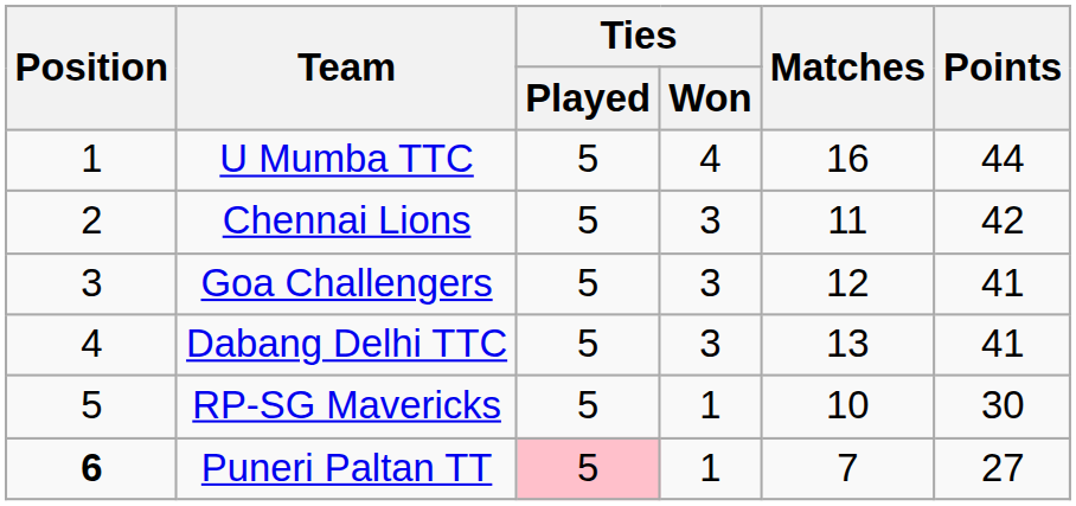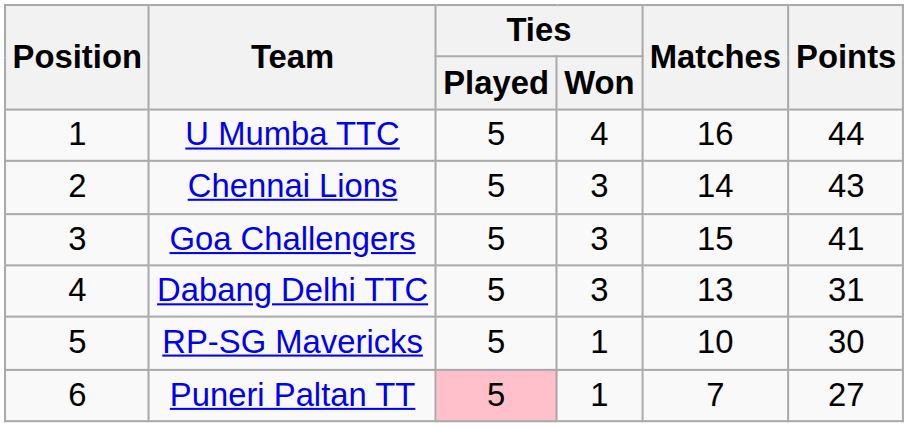 <table class="wikitable sortable" style="text-align:center;">
 <tr>
 <th rowspan=2>Position</th>
 <th rowspan=2>Team</th>
 <th colspan=2>Ties</th>
 <th rowspan=2>Matches</th>
 <th rowspan=2>Points</th>
 </tr>
 <tr>
 <th>Played</th>
 <th>Won</th>
 </tr>
 <tr>
 <td>1</td>
 <td><a href='#'>U Mumba TTC</a></td>
 <td>5</td>
 <td>4</td>
 <td>16</td>
 <td>44</td>
 </tr>
 <tr>
 <td>2</td>
 <td><a href='#'>Chennai Lions</a></td>
 <td>5</td>
 <td>3</td>
-<td>11</td>
-<td>42</td>
+<td>14</td>
+<td>43</td>
 </tr>
 <tr>
 <td>3</td>
 <td><a href='#'>Goa Challengers</a></td>
 <td>5</td>
 <td>3</td>
-<td>12</td>
+<td>15</td>
 <td>41</td>
 </tr>
 <tr>
 <td>4</td>
 <td><a href='#'>Dabang Delhi TTC</a></td>
 <td>5</td>
 <td>3</td>
 <td>13</td>
-<td>41</td>
+<td>31</td>
 </tr>
 <tr>
 <td>5</td>
 <td><a href='#'>RP-SG Mavericks</a></td>
 <td>5</td>
 <td>1</td>
 <td>10</td>
 <td>30</td>
 </tr>
 <tr>
-<td><strong>6</strong></td>
+<td>6</td>
 <td><a href='#'>Puneri Paltan TT</a></td>
 <td style="background: pink;">5</td>
 <td>1</td>
 <td>7</td>
 <td>27</td>
 </tr>
 </table>
